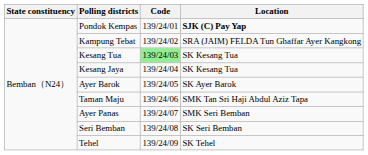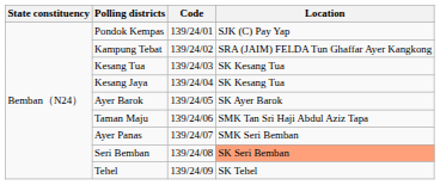 <table class="wikitable sortable mw-collapsible" style="white-space:nowrap;font-size:85%">
 <tr>
 <th>State constituency</th>
 <th>Polling districts</th>
 <th>Code</th>
 <th>Location</th>
 </tr>
 <tr>
 <td rowspan="9">Bemban（N24）</td>
 <td>Pondok Kempas</td>
 <td>139/24/01</td>
-<td><strong>SJK (C) Pay Yap</strong></td>
+<td>SJK (C) Pay Yap</td>
 </tr>
 <tr>
 <td>Kampung Tebat</td>
 <td>139/24/02</td>
 <td>SRA (JAIM) FELDA Tun Ghaffar Ayer Kangkong</td>
 </tr>
 <tr>
 <td>Kesang Tua</td>
-<td style="background: lightgreen;">139/24/03</td>
+<td>139/24/03</td>
 <td>SK Kesang Tua</td>
 </tr>
 <tr>
 <td>Kesang Jaya</td>
 <td>139/24/04</td>
 <td>SK Kesang Tua</td>
 </tr>
 <tr>
 <td>Ayer Barok</td>
 <td>139/24/05</td>
 <td>SK Ayer Barok</td>
 </tr>
 <tr>
 <td>Taman Maju</td>
 <td>139/24/06</td>
 <td>SMK Tan Sri Haji Abdul Aziz Tapa</td>
 </tr>
 <tr>
 <td>Ayer Panas</td>
 <td>139/24/07</td>
 <td>SMK Seri Bemban</td>
 </tr>
 <tr>
 <td>Seri Bemban</td>
 <td>139/24/08</td>
-<td>SK Seri Bemban</td>
+<td style="background: lightsalmon;">SK Seri Bemban</td>
 </tr>
 <tr>
 <td>Tehel</td>
 <td>139/24/09</td>
 <td>SK Tehel</td>
 </tr>
 </table>
